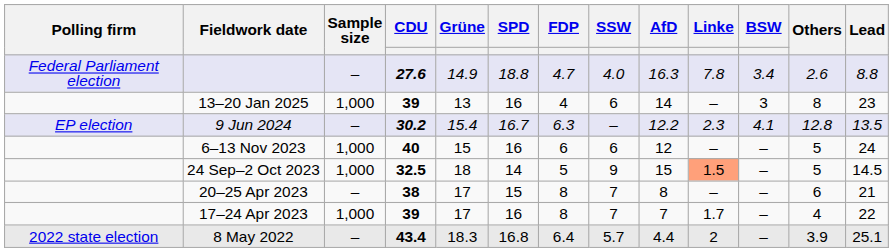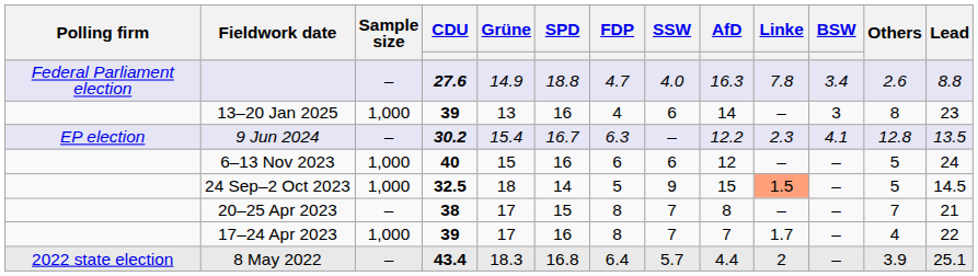 <table class="wikitable sortable" style="text-align:center;font-size:90%;line-height:14px;">
 <tr style="height:40px;">
 <th style="width:160px;" rowspan="2">Polling firm</th>
 <th style="width:125px;" rowspan="2">Fieldwork date</th>
 <th style="width:35px;" rowspan="2">Sample<br>size</th>
 <th class="unsortable" style="width:40px;"><a href='#'>CDU</a></th>
 <th class="unsortable" style="width:40px;"><a href='#'>Grüne</a></th>
 <th class="unsortable" style="width:40px;"><a href='#'>SPD</a></th>
 <th class="unsortable" style="width:40px;"><a href='#'>FDP</a></th>
 <th class="unsortable" style="width:40px;"><a href='#'>SSW</a></th>
 <th class="unsortable" style="width:40px;"><a href='#'>AfD</a></th>
 <th class="unsortable" style="width:40px;"><a href='#'>Linke</a></th>
 <th class="unsortable" style="width:40px;"><a href='#'>BSW</a></th>
 <th class="unsortable" style="width:40px;" rowspan="2">Others</th>
 <th style="width:30px;" rowspan="2">Lead</th>
 </tr>
 <tr>
 <th style="background:"></th>
 <th style="background:"></th>
 <th style="background:"></th>
 <th style="background:"></th>
 <th style="background:"></th>
 <th style="background:"></th>
 <th style="background:"></th>
 <th style="background:"></th>
 </tr>
 <tr style="background:#E5E5F5;font-style:italic;">
 <td><a href='#'>Federal Parliament election</a></td>
 <td></td>
 <td>–</td>
 <td><strong>27.6</strong></td>
 <td>14.9</td>
 <td>18.8</td>
 <td>4.7</td>
 <td>4.0</td>
 <td>16.3</td>
 <td>7.8</td>
 <td>3.4</td>
 <td>2.6</td>
 <td style="background:">8.8</td>
 </tr>
 <tr>
 <td></td>
 <td>13–20 Jan 2025</td>
 <td>1,000</td>
 <td><strong>39</strong></td>
 <td>13</td>
 <td>16</td>
 <td>4</td>
 <td>6</td>
 <td>14</td>
 <td>–</td>
 <td>3</td>
 <td>8</td>
 <td style="background:">23</td>
 </tr>
 <tr style="background:#E5E5F5;font-style:italic;">
 <td><a href='#'>EP election</a></td>
 <td data-sort-value="2024-06-09">9 Jun 2024</td>
 <td>–</td>
 <td><strong>30.2</strong></td>
 <td>15.4</td>
 <td>16.7</td>
 <td>6.3</td>
 <td>–</td>
 <td>12.2</td>
 <td>2.3</td>
 <td>4.1</td>
 <td>12.8</td>
 <td style="background:">13.5</td>
 </tr>
 <tr>
 <td></td>
 <td>6–13 Nov 2023</td>
 <td>1,000</td>
 <td><strong>40</strong></td>
 <td>15</td>
 <td>16</td>
 <td>6</td>
 <td>6</td>
 <td>12</td>
 <td>–</td>
 <td>–</td>
 <td>5</td>
 <td style="background:">24</td>
 </tr>
 <tr>
 <td></td>
 <td data-sort-value="2023-10-02">24 Sep–2 Oct 2023</td>
 <td>1,000</td>
 <td><strong>32.5</strong></td>
 <td>18</td>
 <td>14</td>
 <td>5</td>
 <td>9</td>
 <td>15</td>
 <td style="background: lightsalmon;">1.5</td>
 <td>–</td>
 <td>5</td>
 <td style="background:">14.5</td>
 </tr>
 <tr>
 <td></td>
 <td data-sort-value="2023-04-27">20–25 Apr 2023</td>
 <td>–</td>
 <td><strong>38</strong></td>
 <td>17</td>
 <td>15</td>
 <td>8</td>
 <td>7</td>
 <td>8</td>
 <td>–</td>
 <td>–</td>
-<td>6</td>
+<td>7</td>
 <td style="background:">21</td>
 </tr>
 <tr>
 <td></td>
 <td data-sort-value="2023-04-25">17–24 Apr 2023</td>
 <td>1,000</td>
 <td><strong>39</strong></td>
 <td>17</td>
 <td>16</td>
 <td>8</td>
 <td>7</td>
 <td>7</td>
 <td>1.7</td>
 <td>–</td>
 <td>4</td>
 <td style="background:">22</td>
 </tr>
 <tr style="background:#E9E9E9;">
 <td><a href='#'>2022 state election</a></td>
 <td data-sort-value="2022-05-08">8 May 2022</td>
 <td>–</td>
 <td><strong>43.4</strong></td>
 <td>18.3</td>
 <td>16.8</td>
 <td>6.4</td>
 <td>5.7</td>
 <td>4.4</td>
 <td>2</td>
 <td>–</td>
 <td>3.9</td>
 <td style="background:">25.1</td>
 </tr>
 </table>
